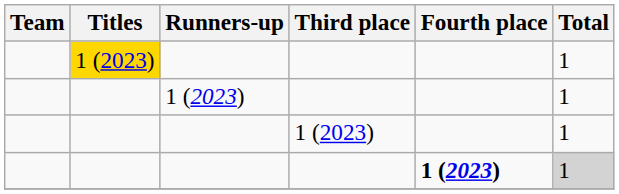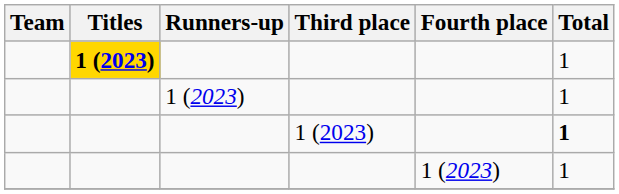 <table class="wikitable sortable">
 <tr>
 <th>Team</th>
 <th>Titles</th>
 <th>Runners-up</th>
 <th>Third place</th>
 <th>Fourth place</th>
 <th>Total</th>
 </tr>
 <tr>
 <td></td>
-<td style=background:#FFD700>1 (<a href='#'>2023</a>)</td>
+<td style=background:#FFD700><strong>1 (<a href='#'>2023</a>)</strong></td>
 <td></td>
 <td></td>
 <td></td>
 <td>1</td>
 </tr>
 <tr>
 <td></td>
 <td></td>
 <td>1 (<em><a href='#'>2023</a></em>)</td>
 <td></td>
 <td></td>
 <td>1</td>
 </tr>
 <tr>
 <td></td>
 <td></td>
 <td></td>
 <td>1 (<a href='#'>2023</a>)</td>
 <td></td>
-<td>1</td>
+<td><strong>1</strong></td>
 </tr>
 <tr>
 <td></td>
 <td></td>
 <td></td>
 <td></td>
-<td><strong>1 (<em><a href='#'>2023</a></em>)</strong></td>
-<td style="background: lightgrey;">1</td>
+<td>1 (<em><a href='#'>2023</a></em>)</td>
+<td>1</td>
 </tr>
 <tr>
 </tr>
 </table>
